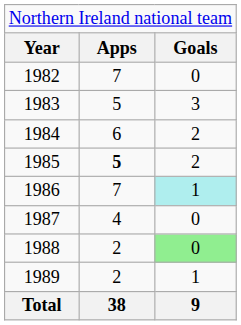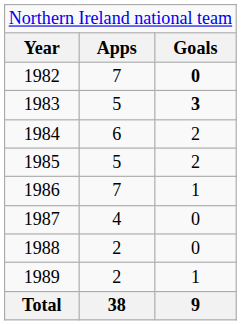 <table class="wikitable" style="text-align:center">
 <tr>
 <td colspan=3><a href='#'>Northern Ireland national team</a></td>
 </tr>
 <tr>
 <th>Year</th>
 <th>Apps</th>
 <th>Goals</th>
 </tr>
 <tr>
 <td>1982</td>
 <td>7</td>
-<td>0</td>
+<td><strong>0</strong></td>
 </tr>
 <tr>
 <td>1983</td>
 <td>5</td>
-<td>3</td>
+<td><strong>3</strong></td>
 </tr>
 <tr>
 <td>1984</td>
 <td>6</td>
 <td>2</td>
 </tr>
 <tr>
 <td>1985</td>
-<td><strong>5</strong></td>
+<td>5</td>
 <td>2</td>
 </tr>
 <tr>
 <td>1986</td>
 <td>7</td>
-<td style="background: paleturquoise;">1</td>
+<td>1</td>
 </tr>
 <tr>
 <td>1987</td>
 <td>4</td>
 <td>0</td>
 </tr>
 <tr>
 <td>1988</td>
 <td>2</td>
-<td style="background: lightgreen;">0</td>
+<td>0</td>
 </tr>
 <tr>
 <td>1989</td>
 <td>2</td>
 <td>1</td>
 </tr>
 <tr>
 <th>Total</th>
 <th>38</th>
 <th>9</th>
 </tr>
 </table>
